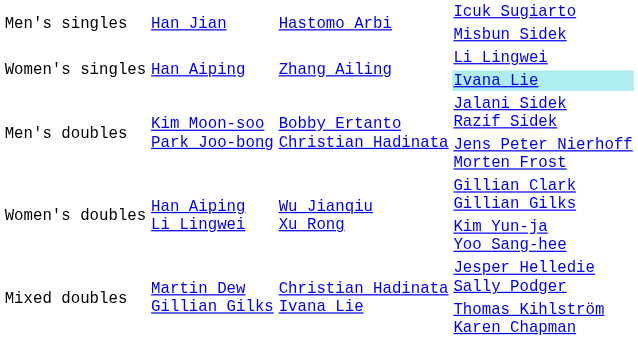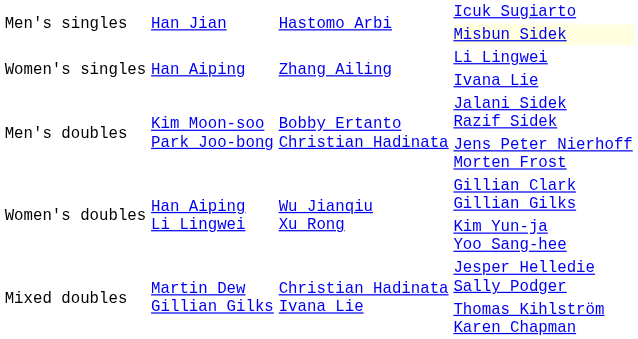 <table>
 <tr>
 <td rowspan=2>Men's singles</td>
 <td rowspan=2> <a href='#'>Han Jian</a></td>
 <td rowspan=2> <a href='#'>Hastomo Arbi</a></td>
 <td> <a href='#'>Icuk Sugiarto</a></td>
 </tr>
 <tr>
-<td> <a href='#'>Misbun Sidek</a></td>
+<td style="background: lightyellow;"> <a href='#'>Misbun Sidek</a></td>
 </tr>
 <tr>
 <td rowspan=2>Women's singles</td>
 <td rowspan=2> <a href='#'>Han Aiping</a></td>
 <td rowspan=2> <a href='#'>Zhang Ailing</a></td>
 <td> <a href='#'>Li Lingwei</a></td>
 </tr>
 <tr>
-<td style="background: paleturquoise;"> <a href='#'>Ivana Lie</a></td>
+<td> <a href='#'>Ivana Lie</a></td>
 </tr>
 <tr>
 <td rowspan=2>Men's doubles</td>
 <td rowspan=2> <a href='#'>Kim Moon-soo</a> <br>  <a href='#'>Park Joo-bong</a></td>
 <td rowspan=2> <a href='#'>Bobby Ertanto</a> <br>  <a href='#'>Christian Hadinata</a></td>
 <td> <a href='#'>Jalani Sidek</a> <br>  <a href='#'>Razif Sidek</a></td>
 </tr>
 <tr>
 <td> <a href='#'>Jens Peter Nierhoff</a> <br>  <a href='#'>Morten Frost</a></td>
 </tr>
 <tr>
 <td rowspan=2>Women's doubles</td>
 <td rowspan=2> <a href='#'>Han Aiping</a> <br>  <a href='#'>Li Lingwei</a></td>
 <td rowspan=2> <a href='#'>Wu Jianqiu</a> <br>  <a href='#'>Xu Rong</a></td>
 <td> <a href='#'>Gillian Clark</a> <br>  <a href='#'>Gillian Gilks</a></td>
 </tr>
 <tr>
 <td> <a href='#'>Kim Yun-ja</a> <br>  <a href='#'>Yoo Sang-hee</a></td>
 </tr>
 <tr>
 <td rowspan=2>Mixed doubles</td>
 <td rowspan=2> <a href='#'>Martin Dew</a> <br>  <a href='#'>Gillian Gilks</a></td>
 <td rowspan=2> <a href='#'>Christian Hadinata</a> <br>  <a href='#'>Ivana Lie</a></td>
 <td> <a href='#'>Jesper Helledie</a> <br>  <a href='#'>Sally Podger</a></td>
 </tr>
 <tr>
 <td> <a href='#'>Thomas Kihlström</a> <br>  <a href='#'>Karen Chapman</a></td>
 </tr>
 </table>
